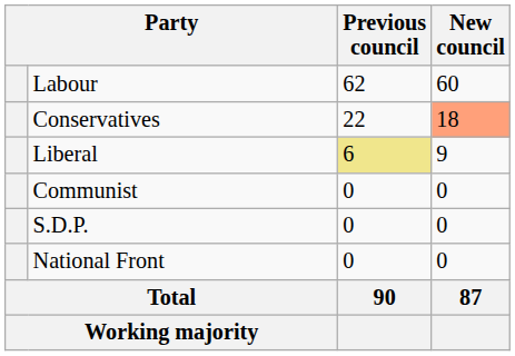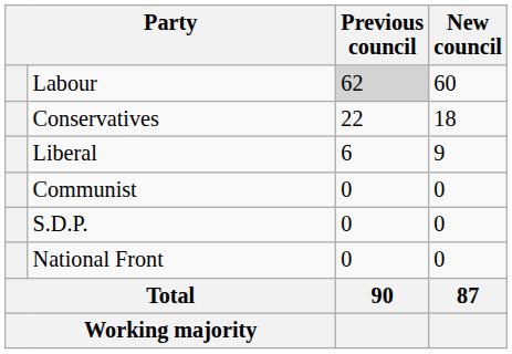 <table class="wikitable">
 <tr>
 <th valign=top colspan="2" style="width: 230px">Party</th>
 <th valign=top style="width: 30px">Previous council</th>
 <th valign=top style="width: 30px">New council</th>
 </tr>
 <tr>
 <th style="background-color: "></th>
 <td>Labour</td>
-<td>62</td>
+<td style="background: lightgrey;">62</td>
 <td>60</td>
 </tr>
 <tr>
 <th style="background-color: "></th>
 <td>Conservatives</td>
 <td>22</td>
-<td style="background: lightsalmon;">18</td>
+<td>18</td>
 </tr>
 <tr>
 <th style="background-color: "></th>
 <td>Liberal</td>
-<td style="background: khaki;">6</td>
+<td>6</td>
 <td>9</td>
 </tr>
 <tr>
 <th style="background-color: "></th>
 <td>Communist</td>
 <td>0</td>
 <td>0</td>
 </tr>
 <tr>
 <th style="background-color: "></th>
 <td>S.D.P.</td>
 <td>0</td>
 <td>0</td>
 </tr>
 <tr>
 <th style="background-color: "></th>
 <td>National Front</td>
 <td>0</td>
 <td>0</td>
 </tr>
 <tr>
 <th colspan=2>Total</th>
 <th style="text-align: center">90</th>
 <th colspan=3>87</th>
 </tr>
 <tr>
 <th colspan=2>Working majority</th>
 <th></th>
 <th></th>
 </tr>
 </table>
